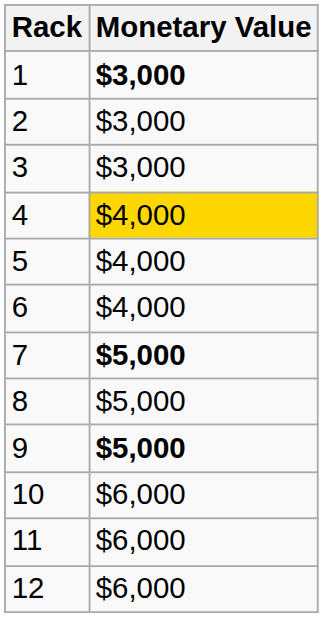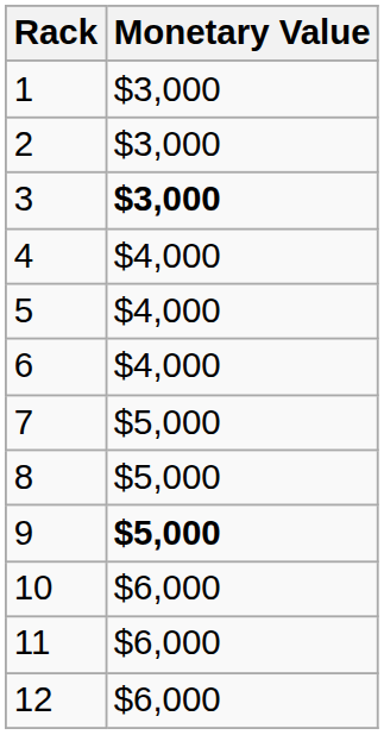 <table class="wikitable">
 <tr>
 <th>Rack</th>
 <th>Monetary Value</th>
 </tr>
 <tr>
 <td>1</td>
-<td><strong>$3,000</strong></td>
+<td>$3,000</td>
 </tr>
 <tr>
 <td>2</td>
 <td>$3,000</td>
 </tr>
 <tr>
 <td>3</td>
-<td>$3,000</td>
+<td><strong>$3,000</strong></td>
 </tr>
 <tr>
 <td>4</td>
-<td style="background: gold;">$4,000</td>
+<td>$4,000</td>
 </tr>
 <tr>
 <td>5</td>
 <td>$4,000</td>
 </tr>
 <tr>
 <td>6</td>
 <td>$4,000</td>
 </tr>
 <tr>
 <td>7</td>
-<td><strong>$5,000</strong></td>
+<td>$5,000</td>
 </tr>
 <tr>
 <td>8</td>
 <td>$5,000</td>
 </tr>
 <tr>
 <td>9</td>
 <td><strong>$5,000</strong></td>
 </tr>
 <tr>
 <td>10</td>
 <td>$6,000</td>
 </tr>
 <tr>
 <td>11</td>
 <td>$6,000</td>
 </tr>
 <tr>
 <td>12</td>
 <td>$6,000</td>
 </tr>
 </table>
